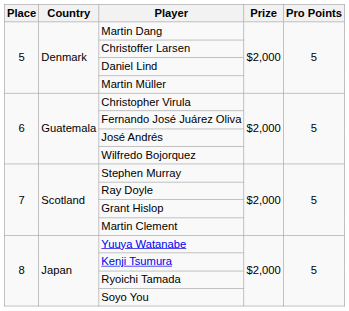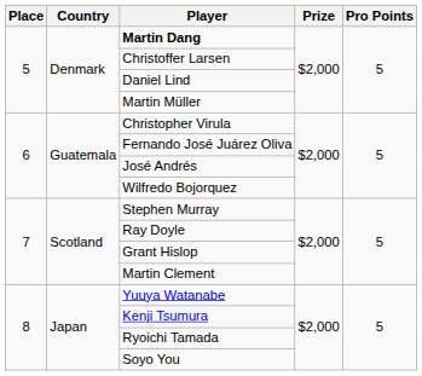 <table class="wikitable">
 <tr>
 <th>Place</th>
 <th>Country</th>
 <th>Player</th>
 <th>Prize</th>
 <th>Pro Points</th>
 </tr>
 <tr>
 <td rowspan="4" align=center>5</td>
 <td rowspan="4"> Denmark</td>
-<td>Martin Dang</td>
+<td><strong>Martin Dang</strong></td>
 <td rowspan="4" align=center>$2,000</td>
 <td rowspan="4" align=center>5</td>
 </tr>
 <tr>
 <td>Christoffer Larsen</td>
 </tr>
 <tr>
 <td>Daniel Lind</td>
 </tr>
 <tr>
 <td>Martin Müller</td>
 </tr>
 <tr>
 <td rowspan="4" align=center>6</td>
 <td rowspan="4"> Guatemala</td>
 <td>Christopher Virula</td>
 <td rowspan="4" align=center>$2,000</td>
 <td rowspan="4" align=center>5</td>
 </tr>
 <tr>
 <td>Fernando José Juárez Oliva</td>
 </tr>
 <tr>
 <td>José Andrés</td>
 </tr>
 <tr>
 <td>Wilfredo Bojorquez</td>
 </tr>
 <tr>
 <td rowspan="4" align=center>7</td>
 <td rowspan="4"> Scotland</td>
 <td>Stephen Murray</td>
 <td rowspan="4" align=center>$2,000</td>
 <td rowspan="4" align=center>5</td>
 </tr>
 <tr>
 <td>Ray Doyle</td>
 </tr>
 <tr>
 <td>Grant Hislop</td>
 </tr>
 <tr>
 <td>Martin Clement</td>
 </tr>
 <tr>
 <td rowspan="4" align=center>8</td>
 <td rowspan="4"> Japan</td>
 <td><a href='#'>Yuuya Watanabe</a></td>
 <td rowspan="4" align=center>$2,000</td>
 <td rowspan="4" align=center>5</td>
 </tr>
 <tr>
 <td><a href='#'>Kenji Tsumura</a></td>
 </tr>
 <tr>
 <td>Ryoichi Tamada</td>
 </tr>
 <tr>
 <td>Soyo You</td>
 </tr>
 </table>
